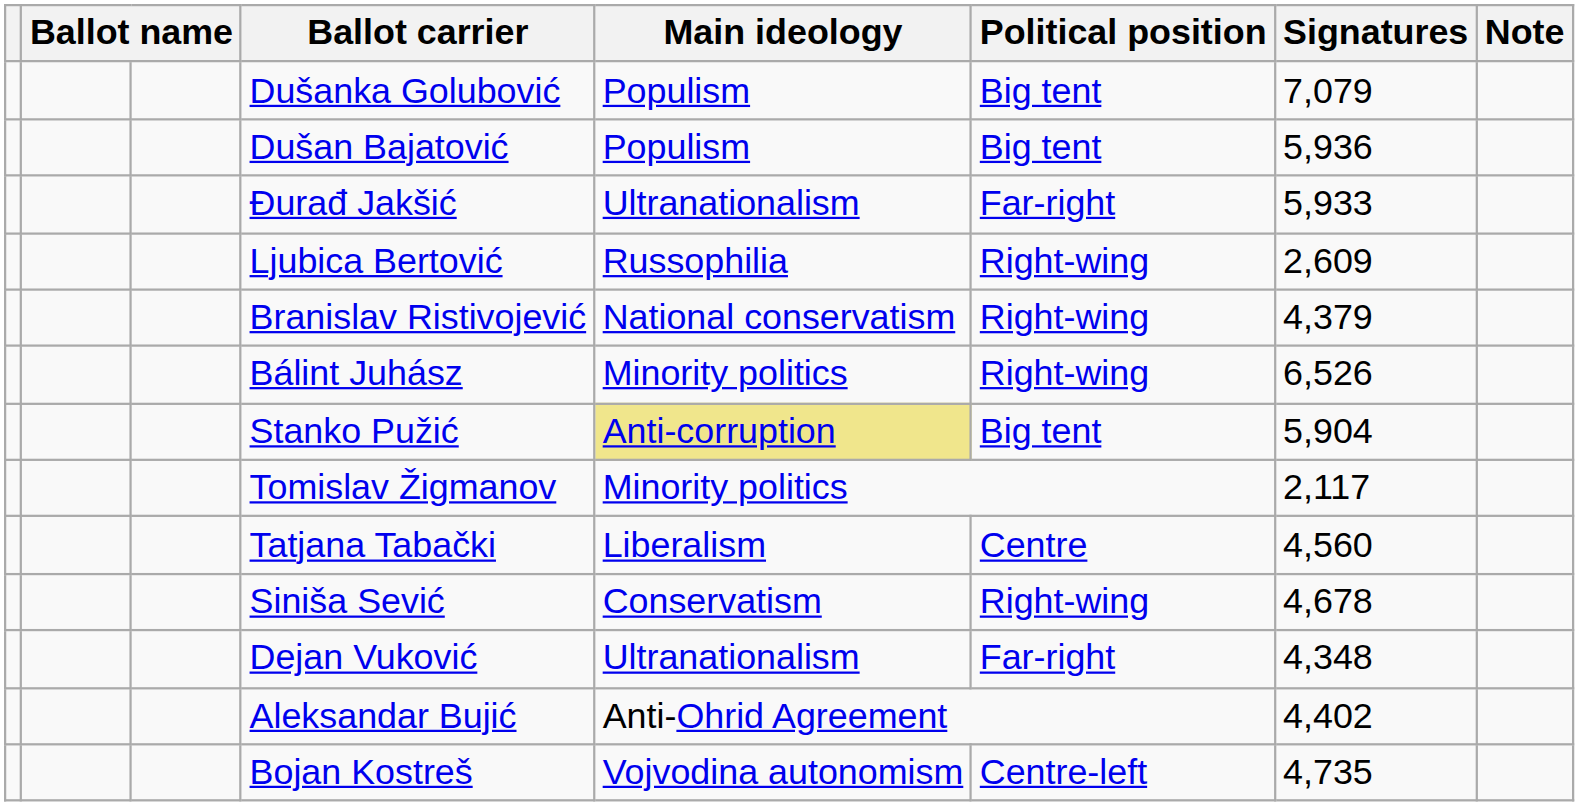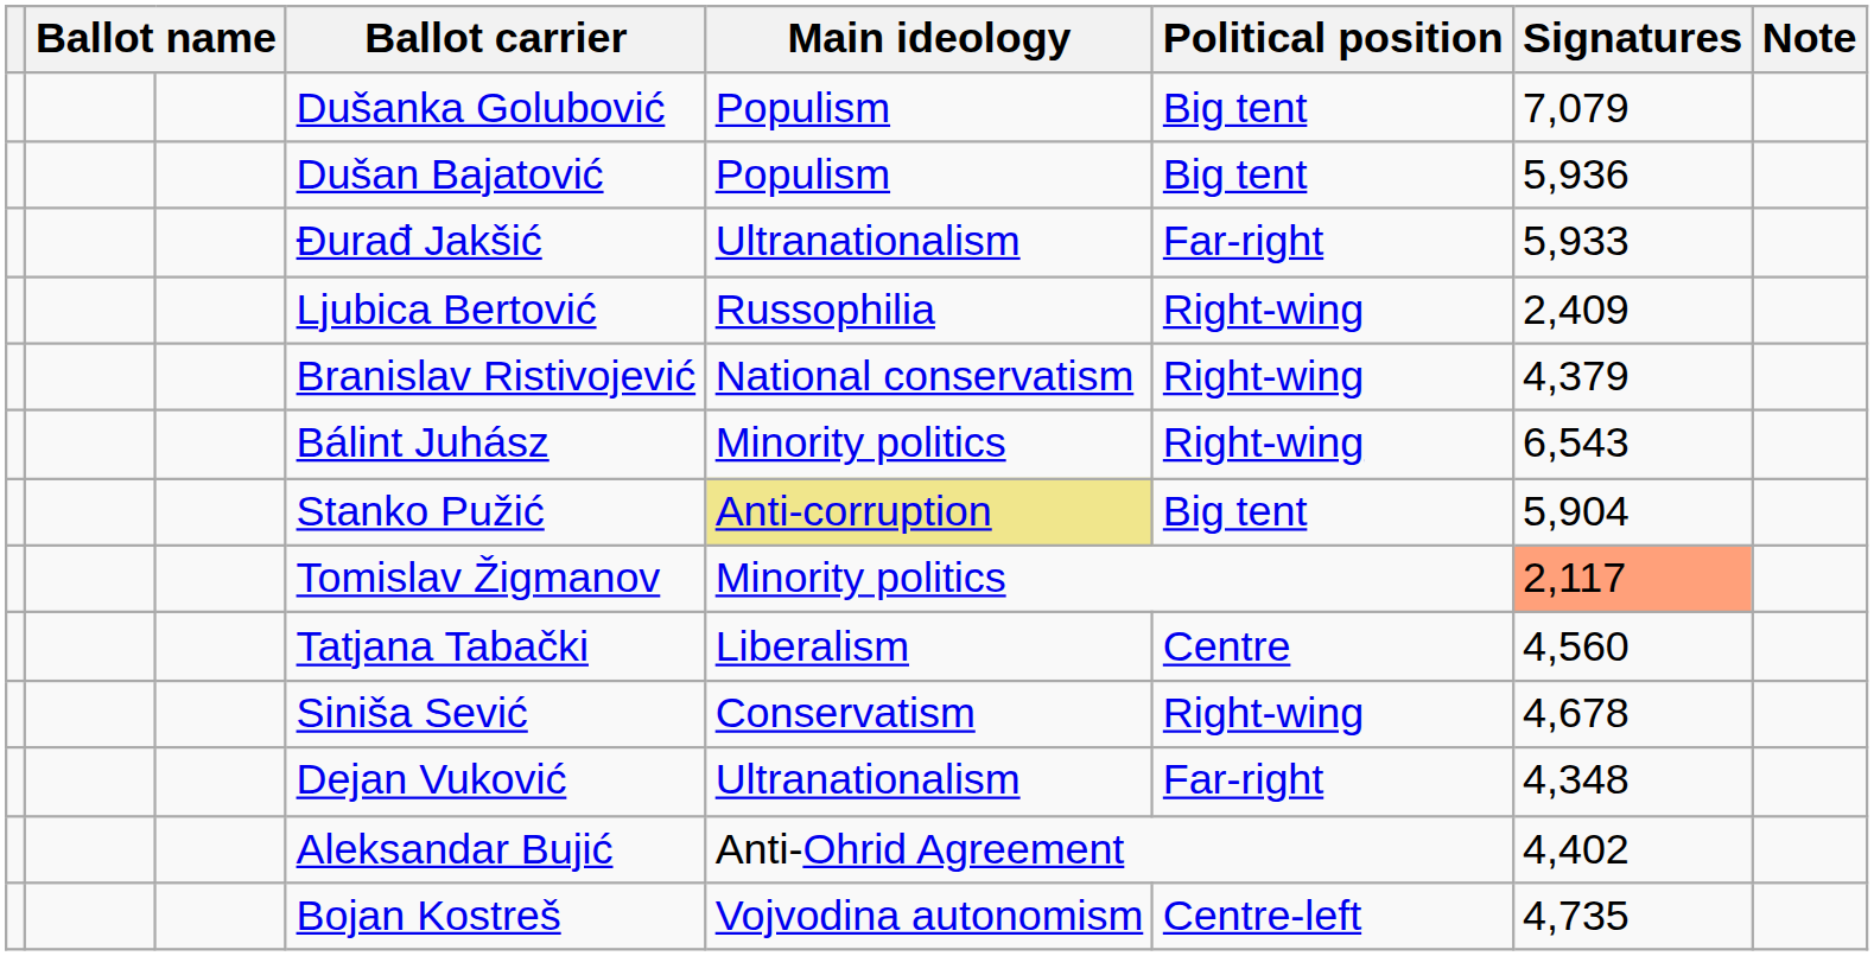 <table class="wikitable">
 <tr>
 <th></th>
 <th colspan="2">Ballot name</th>
 <th>Ballot carrier</th>
 <th>Main ideology</th>
 <th>Political position</th>
 <th>Signatures</th>
 <th>Note</th>
 </tr>
 <tr>
 <td></td>
 <td style="background:"></td>
 <td></td>
 <td><a href='#'>Dušanka Golubović</a></td>
 <td><a href='#'>Populism</a></td>
 <td><a href='#'>Big tent</a></td>
 <td>7,079</td>
 <td></td>
 </tr>
 <tr>
 <td></td>
 <td style="background:"></td>
 <td></td>
 <td><a href='#'>Dušan Bajatović</a></td>
 <td><a href='#'>Populism</a></td>
 <td><a href='#'>Big tent</a></td>
 <td>5,936</td>
 <td></td>
 </tr>
 <tr>
 <td></td>
 <td style="background:"></td>
 <td></td>
 <td><a href='#'>Đurađ Jakšić</a></td>
 <td><a href='#'>Ultranationalism</a></td>
 <td><a href='#'>Far-right</a></td>
 <td>5,933</td>
 <td></td>
 </tr>
 <tr>
 <td></td>
 <td style="background:"></td>
 <td></td>
 <td><a href='#'>Ljubica Bertović</a></td>
 <td><a href='#'>Russophilia</a></td>
 <td><a href='#'>Right-wing</a></td>
-<td>2,609</td>
+<td>2,409</td>
 <td></td>
 </tr>
 <tr>
 <td></td>
 <td style="background:"></td>
 <td></td>
 <td><a href='#'>Branislav Ristivojević</a></td>
 <td><a href='#'>National conservatism</a></td>
 <td><a href='#'>Right-wing</a></td>
 <td>4,379</td>
 <td></td>
 </tr>
 <tr>
 <td></td>
 <td style="background:"></td>
 <td></td>
 <td><a href='#'>Bálint Juhász</a></td>
 <td><a href='#'>Minority politics</a></td>
 <td><a href='#'>Right-wing</a></td>
-<td>6,526</td>
+<td>6,543</td>
 <td></td>
 </tr>
 <tr>
 <td></td>
 <td style="background:"></td>
 <td></td>
 <td><a href='#'>Stanko Pužić</a></td>
 <td style="background: khaki;"><a href='#'>Anti-corruption</a></td>
 <td><a href='#'>Big tent</a></td>
 <td>5,904</td>
 <td></td>
 </tr>
 <tr>
 <td></td>
 <td style="background:"></td>
 <td></td>
 <td><a href='#'>Tomislav Žigmanov</a></td>
 <td colspan="2"><a href='#'>Minority politics</a></td>
-<td>2,117</td>
+<td style="background: lightsalmon;">2,117</td>
 <td></td>
 </tr>
 <tr>
 <td></td>
 <td style="background:"></td>
 <td></td>
 <td><a href='#'>Tatjana Tabački</a></td>
 <td><a href='#'>Liberalism</a></td>
 <td><a href='#'>Centre</a></td>
 <td>4,560</td>
 <td></td>
 </tr>
 <tr>
 <td></td>
 <td style="background:"></td>
 <td></td>
 <td><a href='#'>Siniša Sević</a></td>
 <td><a href='#'>Conservatism</a></td>
 <td><a href='#'>Right-wing</a></td>
 <td>4,678</td>
 <td></td>
 </tr>
 <tr>
 <td></td>
 <td style="background:"></td>
 <td></td>
 <td><a href='#'>Dejan Vuković</a></td>
 <td><a href='#'>Ultranationalism</a></td>
 <td><a href='#'>Far-right</a></td>
 <td>4,348</td>
 <td></td>
 </tr>
 <tr>
 <td></td>
 <td style="background:"></td>
 <td></td>
 <td><a href='#'>Aleksandar Bujić</a></td>
 <td colspan="2">Anti-<a href='#'>Ohrid Agreement</a></td>
 <td>4,402</td>
 <td></td>
 </tr>
 <tr>
 <td></td>
 <td style="background:"></td>
 <td></td>
 <td><a href='#'>Bojan Kostreš</a></td>
 <td><a href='#'>Vojvodina autonomism</a></td>
 <td><a href='#'>Centre-left</a></td>
 <td>4,735</td>
 <td></td>
 </tr>
 </table>
